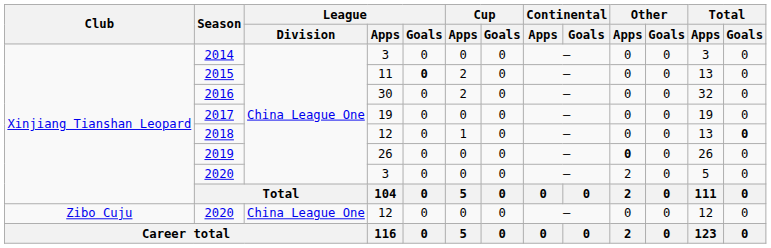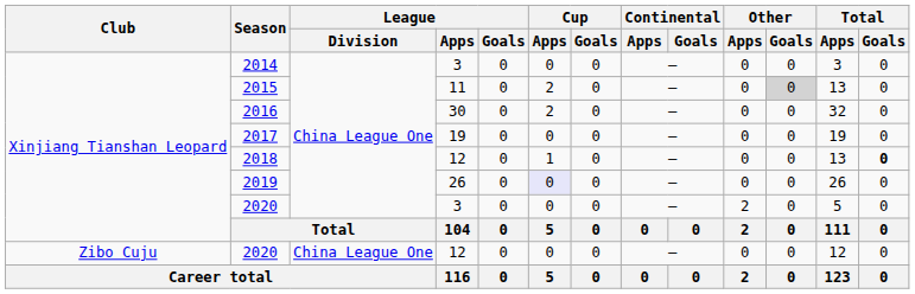 <table class="wikitable" style="text-align: center">
 <tr>
 <th rowspan="2">Club</th>
 <th rowspan="2">Season</th>
 <th colspan="3">League</th>
 <th colspan="2">Cup</th>
 <th colspan="2">Continental</th>
 <th colspan="2">Other</th>
 <th colspan="2">Total</th>
 </tr>
 <tr>
 <th>Division</th>
 <th>Apps</th>
 <th>Goals</th>
 <th>Apps</th>
 <th>Goals</th>
 <th>Apps</th>
 <th>Goals</th>
 <th>Apps</th>
 <th>Goals</th>
 <th>Apps</th>
 <th>Goals</th>
 </tr>
 <tr>
 <td rowspan="8"><a href='#'>Xinjiang Tianshan Leopard</a></td>
 <td><a href='#'>2014</a></td>
 <td rowspan="7"><a href='#'>China League One</a></td>
 <td>3</td>
 <td>0</td>
 <td>0</td>
 <td>0</td>
 <td colspan="2">–</td>
 <td>0</td>
 <td>0</td>
 <td>3</td>
 <td>0</td>
 </tr>
 <tr>
 <td><a href='#'>2015</a></td>
 <td>11</td>
-<td><strong>0</strong></td>
+<td>0</td>
 <td>2</td>
 <td>0</td>
 <td colspan="2">–</td>
 <td>0</td>
-<td>0</td>
+<td style="background: lightgrey;">0</td>
 <td>13</td>
 <td>0</td>
 </tr>
 <tr>
 <td><a href='#'>2016</a></td>
 <td>30</td>
 <td>0</td>
 <td>2</td>
 <td>0</td>
 <td colspan="2">–</td>
 <td>0</td>
 <td>0</td>
 <td>32</td>
 <td>0</td>
 </tr>
 <tr>
 <td><a href='#'>2017</a></td>
 <td>19</td>
 <td>0</td>
 <td>0</td>
 <td>0</td>
 <td colspan="2">–</td>
 <td>0</td>
 <td>0</td>
 <td>19</td>
 <td>0</td>
 </tr>
 <tr>
 <td><a href='#'>2018</a></td>
 <td>12</td>
 <td>0</td>
 <td>1</td>
 <td>0</td>
 <td colspan="2">–</td>
 <td>0</td>
 <td>0</td>
 <td>13</td>
 <td><strong>0</strong></td>
 </tr>
 <tr>
 <td><a href='#'>2019</a></td>
 <td>26</td>
 <td>0</td>
-<td>0</td>
+<td style="background: lavender;">0</td>
 <td>0</td>
 <td colspan="2">–</td>
-<td><strong>0</strong></td>
+<td>0</td>
 <td>0</td>
 <td>26</td>
 <td>0</td>
 </tr>
 <tr>
 <td><a href='#'>2020</a></td>
 <td>3</td>
 <td>0</td>
 <td>0</td>
 <td>0</td>
 <td colspan="2">–</td>
 <td>2</td>
 <td>0</td>
 <td>5</td>
 <td>0</td>
 </tr>
 <tr>
 <th colspan=2>Total</th>
 <th>104</th>
 <th>0</th>
 <th>5</th>
 <th>0</th>
 <th>0</th>
 <th>0</th>
 <th>2</th>
 <th>0</th>
 <th>111</th>
 <th>0</th>
 </tr>
 <tr>
 <td><a href='#'>Zibo Cuju</a></td>
 <td><a href='#'>2020</a></td>
 <td><a href='#'>China League One</a></td>
 <td>12</td>
 <td>0</td>
 <td>0</td>
 <td>0</td>
 <td colspan="2">–</td>
 <td>0</td>
 <td>0</td>
 <td>12</td>
 <td>0</td>
 </tr>
 <tr>
 <th colspan=3>Career total</th>
 <th>116</th>
 <th>0</th>
 <th>5</th>
 <th>0</th>
 <th>0</th>
 <th>0</th>
 <th>2</th>
 <th>0</th>
 <th>123</th>
 <th>0</th>
 </tr>
 </table>
